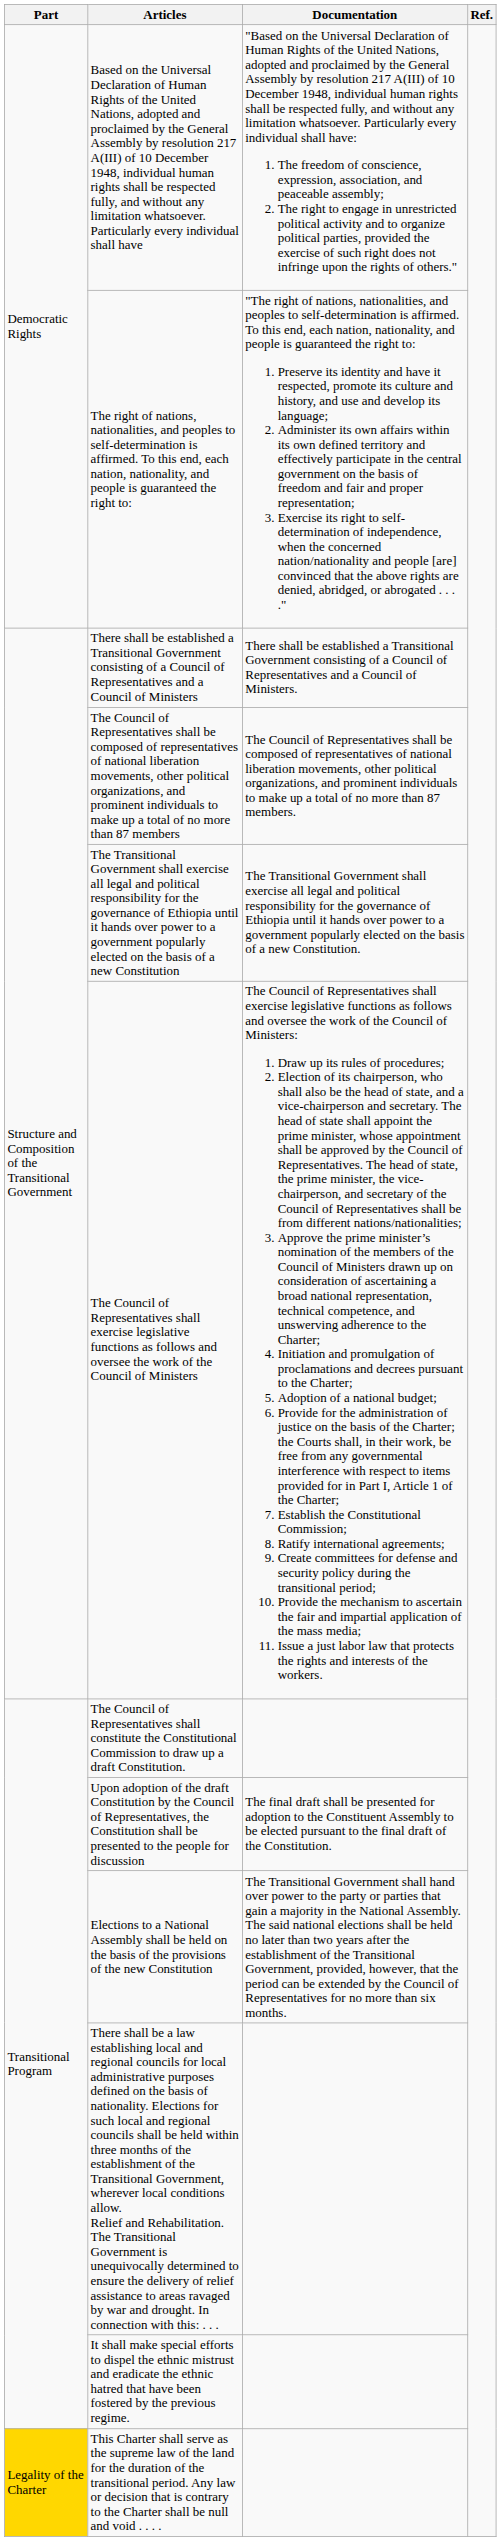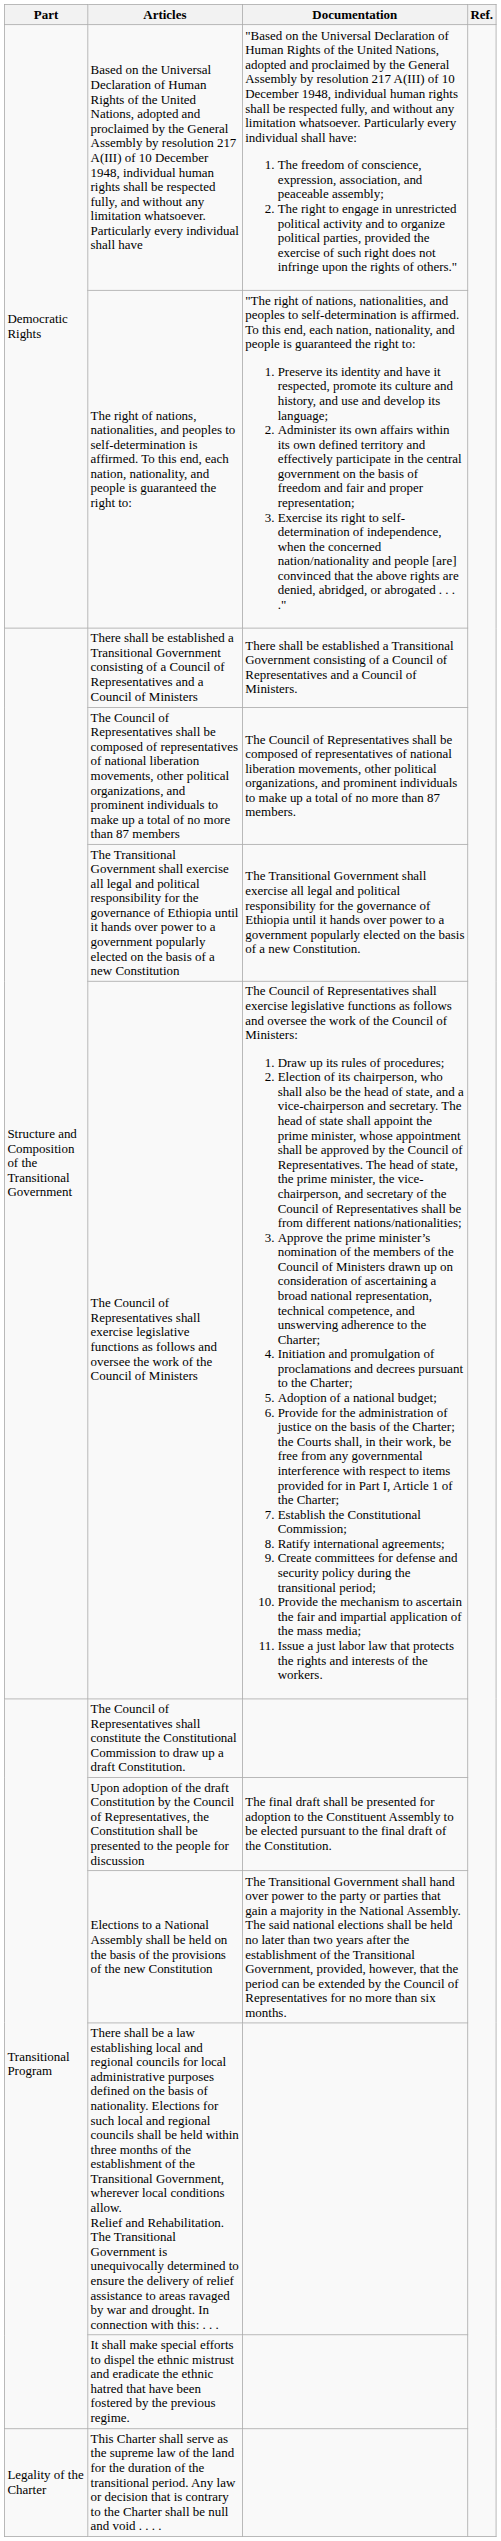 <table class="wikitable">
 <tr>
 <th>Part</th>
 <th>Articles</th>
 <th>Documentation</th>
 <th>Ref.</th>
 </tr>
 <tr>
 <td rowspan="2">Democratic Rights</td>
 <td>Based on the Universal Declaration of Human Rights of the United Nations, adopted and proclaimed by the General Assembly by resolution 217 A(III) of 10 December 1948, individual human rights shall be respected fully, and without any limitation whatsoever. Particularly every individual shall have</td>
 <td>"Based on the Universal Declaration of Human Rights of the United Nations, adopted and proclaimed by the General Assembly by resolution 217 A(III) of 10 December 1948, individual human rights shall be respected fully, and without any limitation whatsoever. Particularly every individual shall have:<br><ol><li>The freedom of conscience, expression, association, and peaceable assembly;</li><li>The right to engage in unrestricted political activity and to organize political parties, provided the exercise of such right does not infringe upon the rights of others."</li></ol></td>
 <td rowspan="12"></td>
 </tr>
 <tr>
 <td>The right of nations, nationalities, and peoples to self-determination is affirmed. To this end, each nation, nationality, and people is guaranteed the right to:</td>
 <td>"The right of nations, nationalities, and peoples to self-determination is affirmed. To this end, each nation, nationality, and people is guaranteed the right to:<br><ol><li>Preserve its identity and have it respected, promote its culture and history, and use and develop its language;</li><li>Administer its own affairs within its own defined territory and effectively participate in the central government on the basis of freedom and fair and proper representation;</li><li>Exercise its right to self-determination of independence, when the concerned nation/nationality and people [are] convinced that the above rights are denied, abridged, or abrogated . . . ."</li></ol></td>
 </tr>
 <tr>
 <td rowspan="4">Structure and Composition of the Transitional Government</td>
 <td>There shall be established a Transitional Government consisting of a Council of Representatives and a Council of Ministers</td>
 <td>There shall be established a Transitional Government consisting of a Council of Representatives and a Council of Ministers.</td>
 </tr>
 <tr>
 <td>The Council of Representatives shall be composed of representatives of national liberation movements, other political organizations, and prominent individuals to make up a total of no more than 87 members</td>
 <td>The Council of Representatives shall be composed of representatives of national liberation movements, other political organizations, and prominent individuals to make up a total of no more than 87 members.</td>
 </tr>
 <tr>
 <td>The Transitional Government shall exercise all legal and political responsibility for the governance of Ethiopia until it hands over power to a government popularly elected on the basis of a new Constitution</td>
 <td>The Transitional Government shall exercise all legal and political responsibility for the governance of Ethiopia until it hands over power to a government popularly elected on the basis of a new Constitution.</td>
 </tr>
 <tr>
 <td>The Council of Representatives shall exercise legislative functions as follows and oversee the work of the Council of Ministers</td>
 <td>The Council of Representatives shall exercise legislative functions as follows and oversee the work of the Council of Ministers:<br><ol><li>Draw up its rules of procedures;</li><li>Election of its chairperson, who shall also be the head of state, and a vice-chairperson and secretary. The head of state shall appoint the prime minister, whose appointment shall be approved by the Council of Representatives. The head of state, the prime minister, the vice-chairperson, and secretary of the Council of Representatives shall be from different nations/nationalities;</li><li>Approve the prime minister’s nomination of the members of the Council of Ministers drawn up on consideration of ascertaining a broad national representation, technical competence, and unswerving adherence to the Charter;</li><li>Initiation and promulgation of proclamations and decrees pursuant to the Charter;</li><li>Adoption of a national budget;</li><li>Provide for the administration of justice on the basis of the Charter; the Courts shall, in their work, be free from any governmental interference with respect to items provided for in Part I, Article 1 of the Charter;</li><li>Establish the Constitutional Commission;</li><li>Ratify international agreements;</li><li>Create committees for defense and security policy during the transitional period;</li><li>Provide the mechanism to ascertain the fair and impartial application of the mass media;</li><li>Issue a just labor law that protects the rights and interests of the workers.</li></ol></td>
 </tr>
 <tr>
 <td rowspan="5">Transitional Program</td>
 <td>The Council of Representatives shall constitute the Constitutional Commission to draw up a draft Constitution.</td>
 <td></td>
 </tr>
 <tr>
 <td>Upon adoption of the draft Constitution by the Council of Representatives, the Constitution shall be presented to the people for discussion</td>
 <td>The final draft shall be presented for adoption to the Constituent Assembly to be elected pursuant to the final draft of the Constitution.</td>
 </tr>
 <tr>
 <td>Elections to a National Assembly shall be held on the basis of the provisions of the new Constitution</td>
 <td>The Transitional Government shall hand over power to the party or parties that gain a majority in the National Assembly.<br>The said national elections shall be held no later than two years after the establishment of the Transitional Government, provided, however, that the period can be extended by the Council of Representatives for no more than six months.</td>
 </tr>
 <tr>
 <td>There shall be a law establishing local and regional councils for local administrative purposes defined on the basis of nationality. Elections for such local and regional councils shall be held within three months of the establishment of the Transitional Government, wherever local conditions allow.<br>Relief and Rehabilitation.  The Transitional Government is unequivocally determined to ensure the delivery of relief assistance to areas ravaged by war and drought. In connection with this: . . .</td>
 <td></td>
 </tr>
 <tr>
 <td>It shall make special efforts to dispel the ethnic mistrust and eradicate the ethnic hatred that have been fostered by the previous regime.</td>
 <td></td>
 </tr>
 <tr>
-<td style="background: gold;">Legality of the Charter</td>
+<td>Legality of the Charter</td>
 <td>This Charter shall serve as the supreme law of the land for the duration of the transitional period. Any law or decision that is contrary to the Charter shall be null and void . . . .</td>
 <td></td>
 </tr>
 </table>
